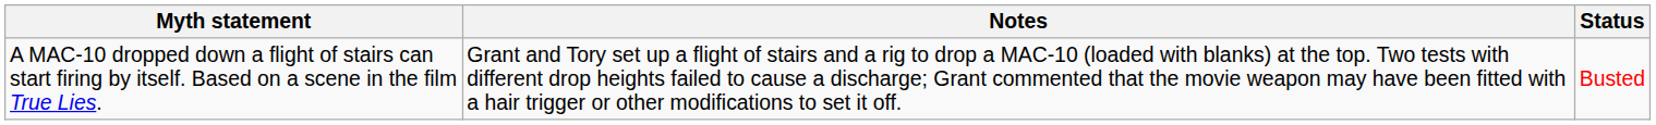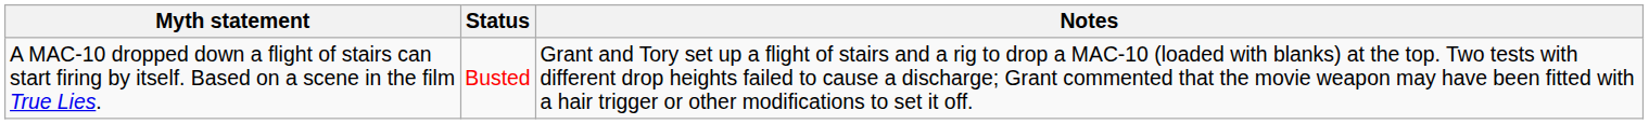 <table class="wikitable plainrowheaders">
 <tr>
 <th>Myth statement</th>
+<th>Status</th>
 <th>Notes</th>
-<th>Status</th>
 </tr>
 <tr>
 <td>A MAC-10 dropped down a flight of stairs can start firing by itself. Based on a scene in the film <em><a href='#'>True Lies</a></em>.</td>
+<td style="color:red">Busted</td>
 <td>Grant and Tory set up a flight of stairs and a rig to drop a MAC-10 (loaded with blanks) at the top. Two tests with different drop heights failed to cause a discharge; Grant commented that the movie weapon may have been fitted with a hair trigger or other modifications to set it off.</td>
-<td style="color:red">Busted</td>
 </tr>
 </table>
